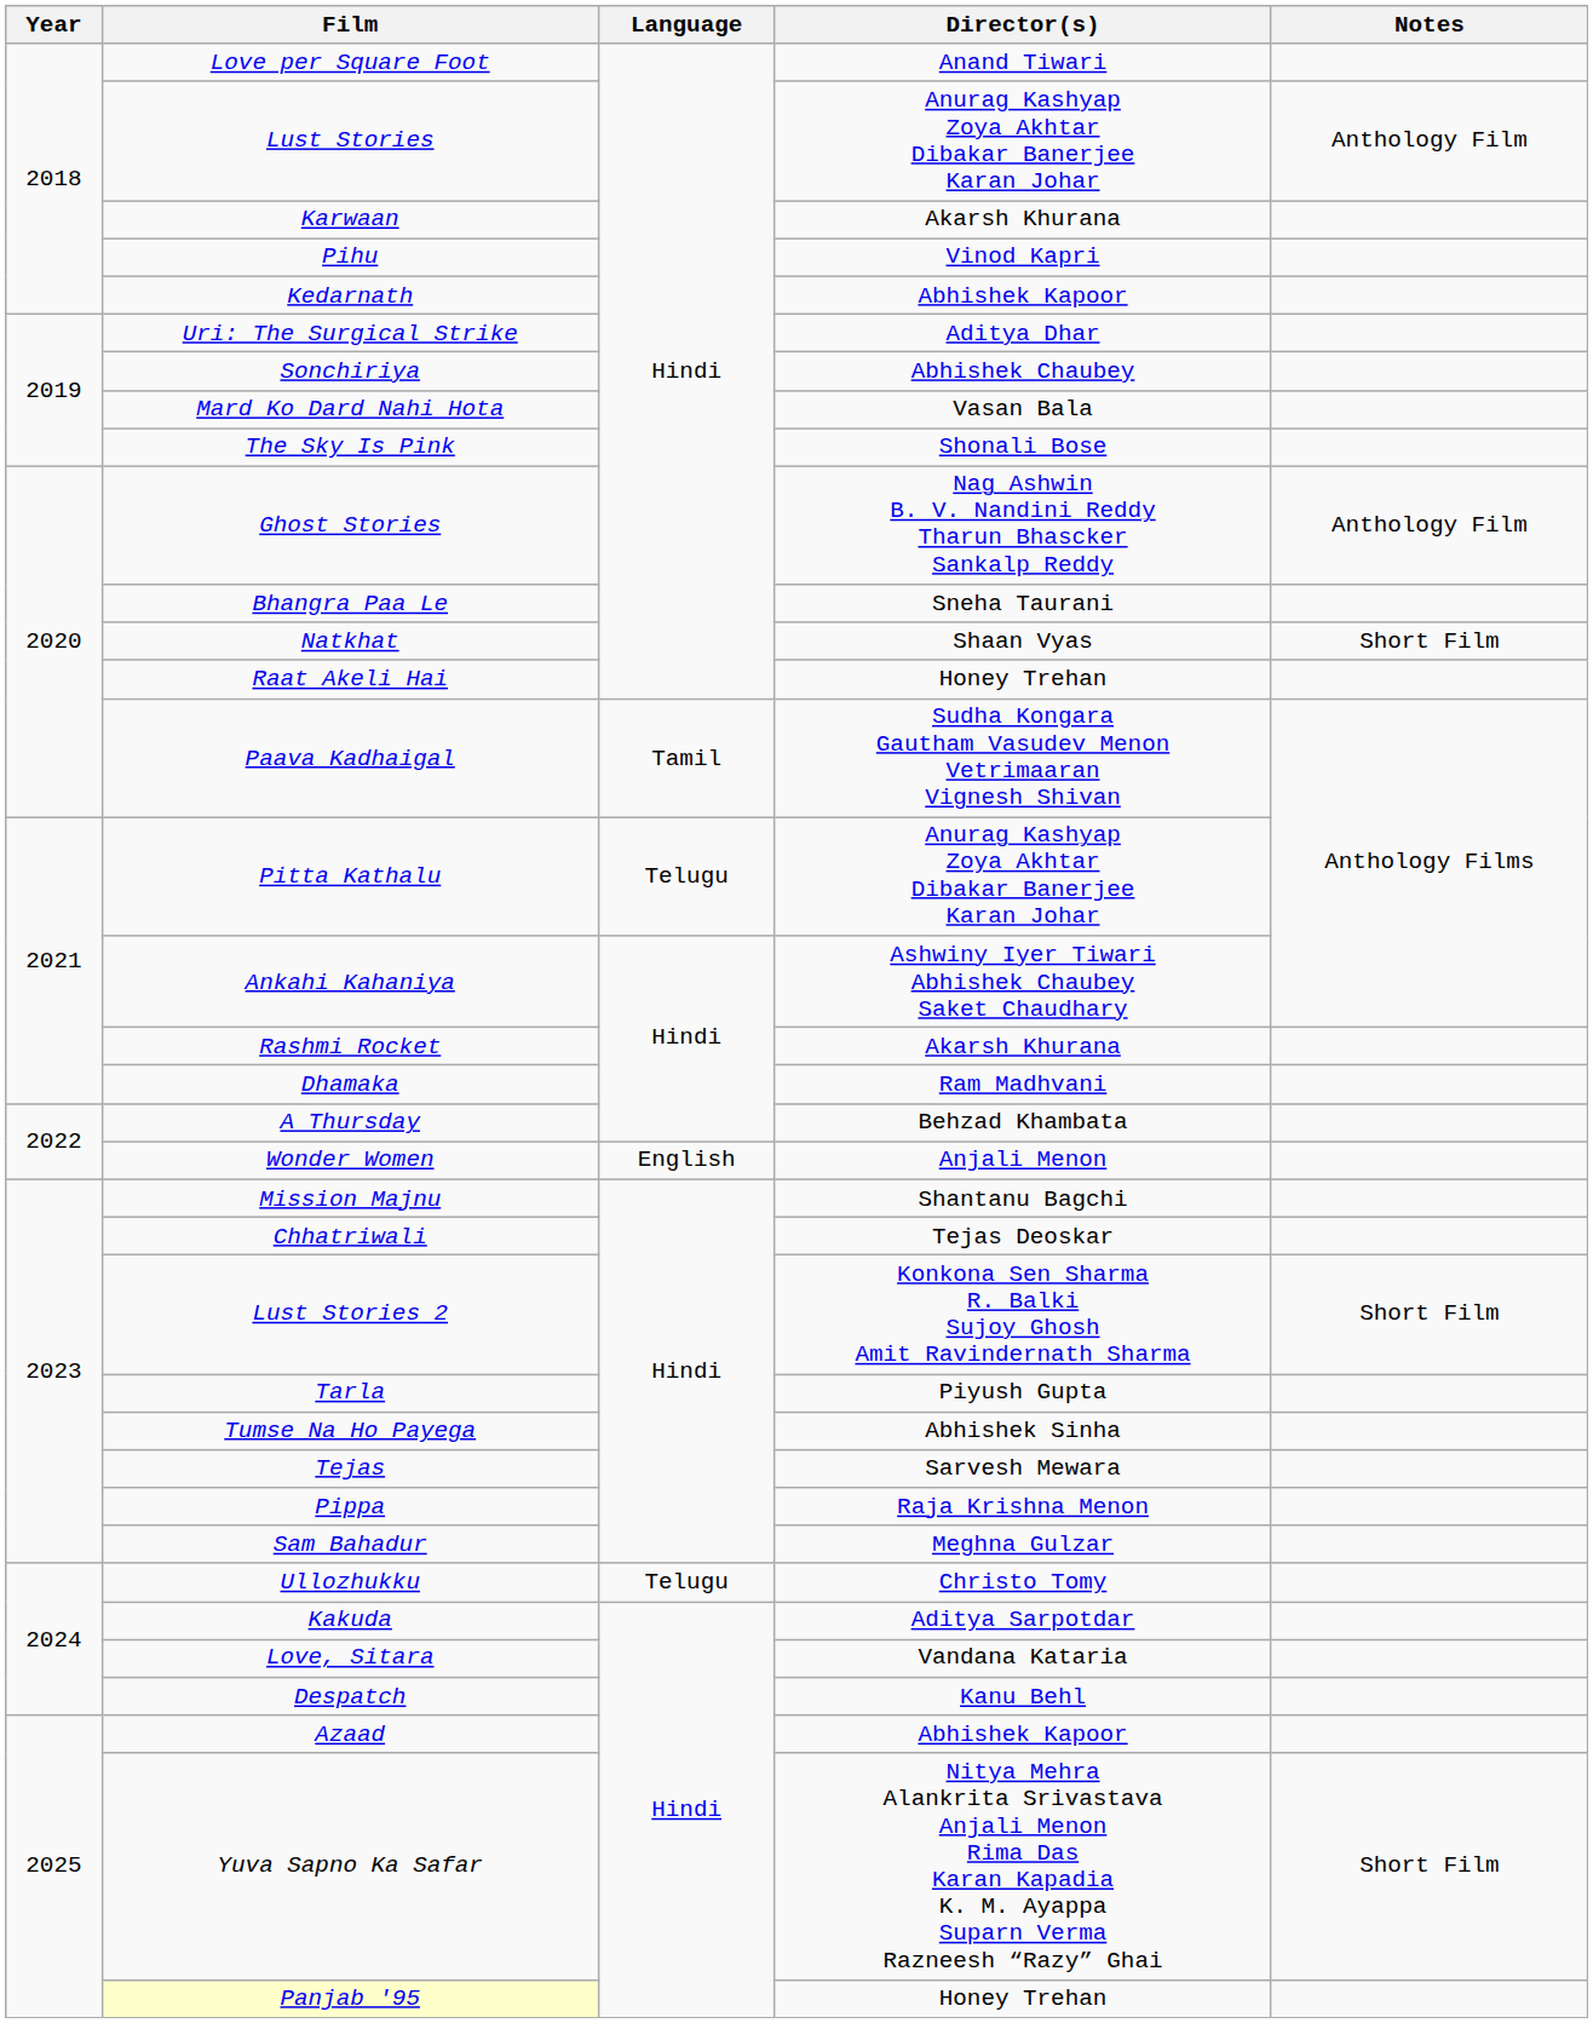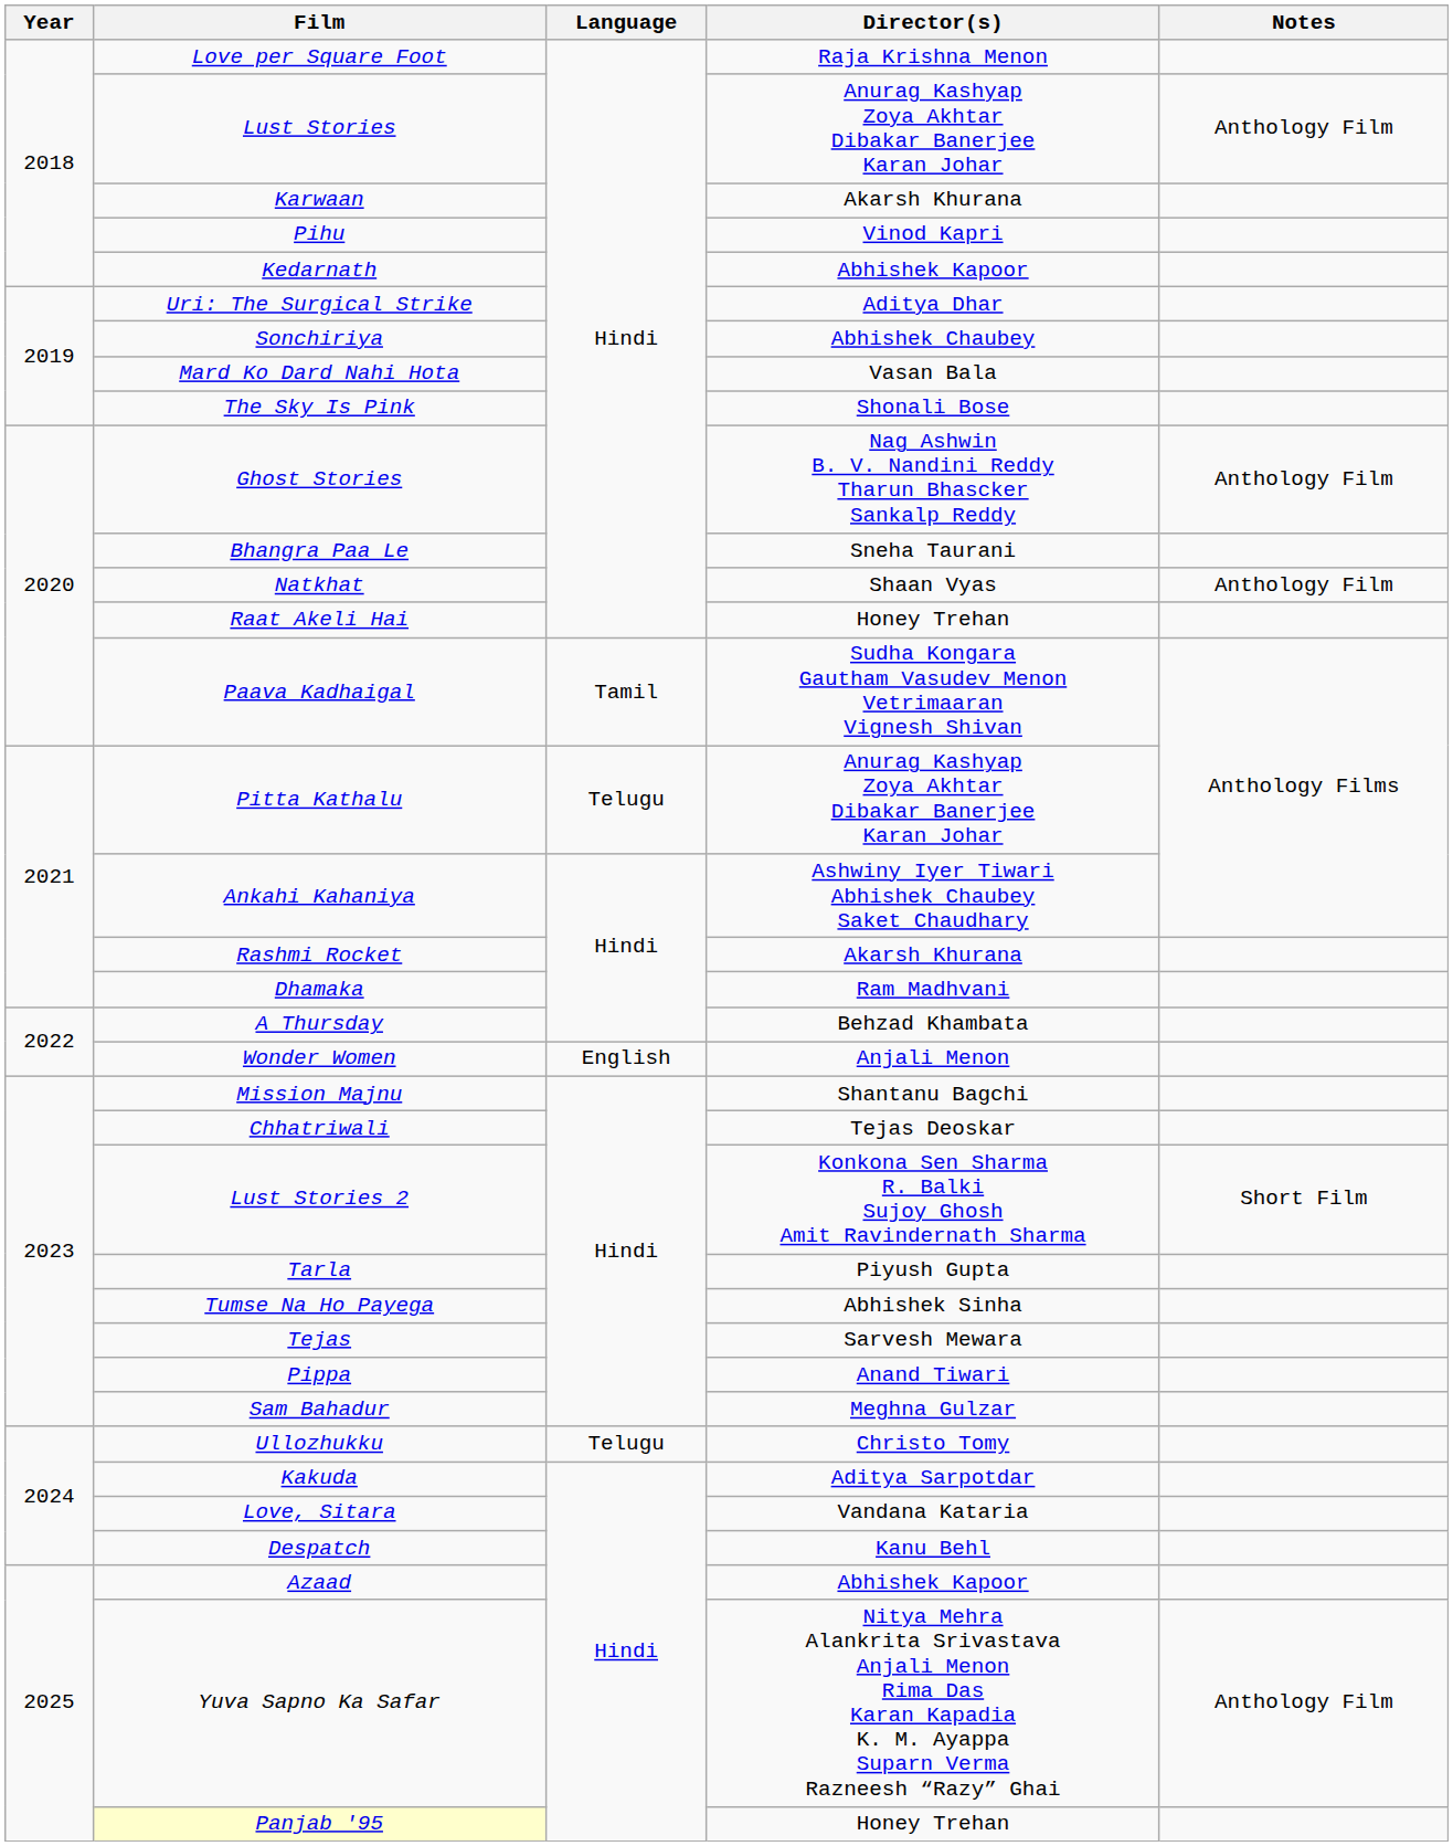 <table class="wikitable" style="width: 100%; text-align: center;">
 <tr>
 <th>Year</th>
 <th>Film</th>
 <th>Language</th>
 <th>Director(s)</th>
 <th>Notes</th>
 </tr>
 <tr>
 <td rowspan = 5>2018</td>
 <td><em><a href='#'>Love per Square Foot</a></em></td>
 <td rowspan="13">Hindi</td>
-<td><a href='#'>Anand Tiwari</a></td>
+<td><a href='#'>Raja Krishna Menon</a></td>
 <td></td>
 </tr>
 <tr>
 <td><em><a href='#'>Lust Stories</a></em></td>
 <td><a href='#'>Anurag Kashyap</a> <br><a href='#'>Zoya Akhtar</a> <br><a href='#'>Dibakar Banerjee</a> <br> <a href='#'>Karan Johar</a></td>
 <td>Anthology Film</td>
 </tr>
 <tr>
 <td><em><a href='#'>Karwaan</a></em></td>
 <td>Akarsh Khurana</td>
 <td></td>
 </tr>
 <tr>
 <td><em><a href='#'>Pihu</a></em></td>
 <td><a href='#'>Vinod Kapri</a></td>
 <td></td>
 </tr>
 <tr>
 <td><em><a href='#'>Kedarnath</a></em></td>
 <td><a href='#'>Abhishek Kapoor</a></td>
 <td></td>
 </tr>
 <tr>
 <td rowspan="4">2019</td>
 <td><em><a href='#'>Uri: The Surgical Strike</a></em></td>
 <td><a href='#'>Aditya Dhar</a></td>
 <td></td>
 </tr>
 <tr>
 <td><em><a href='#'>Sonchiriya</a></em></td>
 <td><a href='#'>Abhishek Chaubey</a></td>
 <td></td>
 </tr>
 <tr>
 <td><em><a href='#'>Mard Ko Dard Nahi Hota</a></em></td>
 <td>Vasan Bala</td>
 <td></td>
 </tr>
 <tr>
 <td><em><a href='#'>The Sky Is Pink</a></em></td>
 <td><a href='#'>Shonali Bose</a></td>
 <td></td>
 </tr>
 <tr>
 <td rowspan = 5>2020</td>
 <td><em><a href='#'>Ghost Stories</a></em></td>
 <td><a href='#'>Nag Ashwin</a><br> <a href='#'>B. V. Nandini Reddy</a><br><a href='#'>Tharun Bhascker</a><br> <a href='#'>Sankalp Reddy</a></td>
 <td>Anthology Film</td>
 </tr>
 <tr>
 <td><em><a href='#'>Bhangra Paa Le</a></em></td>
 <td>Sneha Taurani</td>
 <td></td>
 </tr>
 <tr>
 <td><em><a href='#'>Natkhat</a></em></td>
 <td>Shaan Vyas</td>
-<td>Short Film</td>
+<td>Anthology Film</td>
 </tr>
 <tr>
 <td><em><a href='#'>Raat Akeli Hai</a></em></td>
 <td>Honey Trehan</td>
 <td></td>
 </tr>
 <tr>
 <td><em><a href='#'>Paava Kadhaigal</a></em></td>
 <td>Tamil</td>
 <td><a href='#'>Sudha Kongara</a><br> <a href='#'>Gautham Vasudev Menon</a><br> <a href='#'>Vetrimaaran</a><br><a href='#'>Vignesh Shivan</a></td>
 <td rowspan="3">Anthology Films</td>
 </tr>
 <tr>
 <td rowspan=4>2021</td>
 <td><em><a href='#'>Pitta Kathalu</a></em></td>
 <td>Telugu</td>
 <td><a href='#'>Anurag Kashyap</a> <br> <a href='#'>Zoya Akhtar</a> <br><a href='#'>Dibakar Banerjee</a><br> <a href='#'>Karan Johar</a></td>
 </tr>
 <tr>
 <td><em><a href='#'>Ankahi Kahaniya</a></em></td>
 <td rowspan="4">Hindi</td>
 <td><a href='#'>Ashwiny Iyer Tiwari</a><br> <a href='#'>Abhishek Chaubey</a><br> <a href='#'>Saket Chaudhary</a></td>
 </tr>
 <tr>
 <td><em><a href='#'>Rashmi Rocket</a></em></td>
 <td><a href='#'>Akarsh Khurana</a></td>
 <td></td>
 </tr>
 <tr>
 <td><em><a href='#'>Dhamaka</a></em></td>
 <td><a href='#'>Ram Madhvani</a></td>
 <td></td>
 </tr>
 <tr>
 <td rowspan=2>2022</td>
 <td><em><a href='#'>A Thursday</a></em></td>
 <td>Behzad Khambata</td>
 <td></td>
 </tr>
 <tr>
 <td><em><a href='#'>Wonder Women</a></em></td>
 <td>English</td>
 <td><a href='#'>Anjali Menon</a></td>
 <td></td>
 </tr>
 <tr>
 <td rowspan=8>2023</td>
 <td><em><a href='#'>Mission Majnu</a></em></td>
 <td rowspan="8">Hindi</td>
 <td>Shantanu Bagchi</td>
 <td></td>
 </tr>
 <tr>
 <td><em><a href='#'>Chhatriwali</a></em></td>
 <td>Tejas Deoskar</td>
 <td></td>
 </tr>
 <tr>
 <td><em><a href='#'>Lust Stories 2</a></em></td>
 <td><a href='#'>Konkona Sen Sharma</a><br><a href='#'>R. Balki</a><br> <a href='#'>Sujoy Ghosh</a><br><a href='#'>Amit Ravindernath Sharma</a></td>
 <td>Short Film</td>
 </tr>
 <tr>
 <td><em><a href='#'>Tarla</a></em></td>
 <td>Piyush Gupta</td>
 <td></td>
 </tr>
 <tr>
 <td><em><a href='#'>Tumse Na Ho Payega</a></em></td>
 <td>Abhishek Sinha</td>
 <td></td>
 </tr>
 <tr>
 <td><em><a href='#'>Tejas</a></em></td>
 <td>Sarvesh Mewara</td>
 <td></td>
 </tr>
 <tr>
 <td><em><a href='#'>Pippa</a></em></td>
-<td><a href='#'>Raja Krishna Menon</a></td>
+<td><a href='#'>Anand Tiwari</a></td>
 <td></td>
 </tr>
 <tr>
 <td><em><a href='#'>Sam Bahadur</a></em></td>
 <td><a href='#'>Meghna Gulzar</a></td>
 <td></td>
 </tr>
 <tr>
 <td rowspan=4>2024</td>
 <td><em><a href='#'>Ullozhukku</a></em></td>
 <td>Telugu</td>
 <td><a href='#'>Christo Tomy</a></td>
 <td></td>
 </tr>
 <tr>
 <td><em><a href='#'>Kakuda</a></em></td>
 <td rowspan="6"><a href='#'>Hindi</a></td>
 <td><a href='#'>Aditya Sarpotdar</a></td>
 <td></td>
 </tr>
 <tr>
 <td><em><a href='#'>Love, Sitara</a></em></td>
 <td>Vandana Kataria</td>
 <td></td>
 </tr>
 <tr>
 <td><em><a href='#'>Despatch</a></em></td>
 <td><a href='#'>Kanu Behl</a></td>
 <td></td>
 </tr>
 <tr>
 <td rowspan=3>2025</td>
 <td><em><a href='#'>Azaad</a></em></td>
 <td><a href='#'>Abhishek Kapoor</a></td>
 <td></td>
 </tr>
 <tr>
 <td><em>Yuva Sapno Ka Safar</em></td>
 <td><a href='#'>Nitya Mehra</a> <br> Alankrita Srivastava <br> <a href='#'>Anjali Menon</a> <br> <a href='#'>Rima Das</a> <br> <a href='#'>Karan Kapadia</a> <br> K. M. Ayappa <br> <a href='#'>Suparn Verma</a> <br> Razneesh “Razy” Ghai</td>
-<td>Short Film</td>
+<td>Anthology Film</td>
 </tr>
 <tr>
 <td style="background:#FFFFCC;"><em><a href='#'>Panjab '95</a></em> </td>
 <td>Honey Trehan</td>
 <td></td>
 </tr>
 </table>
